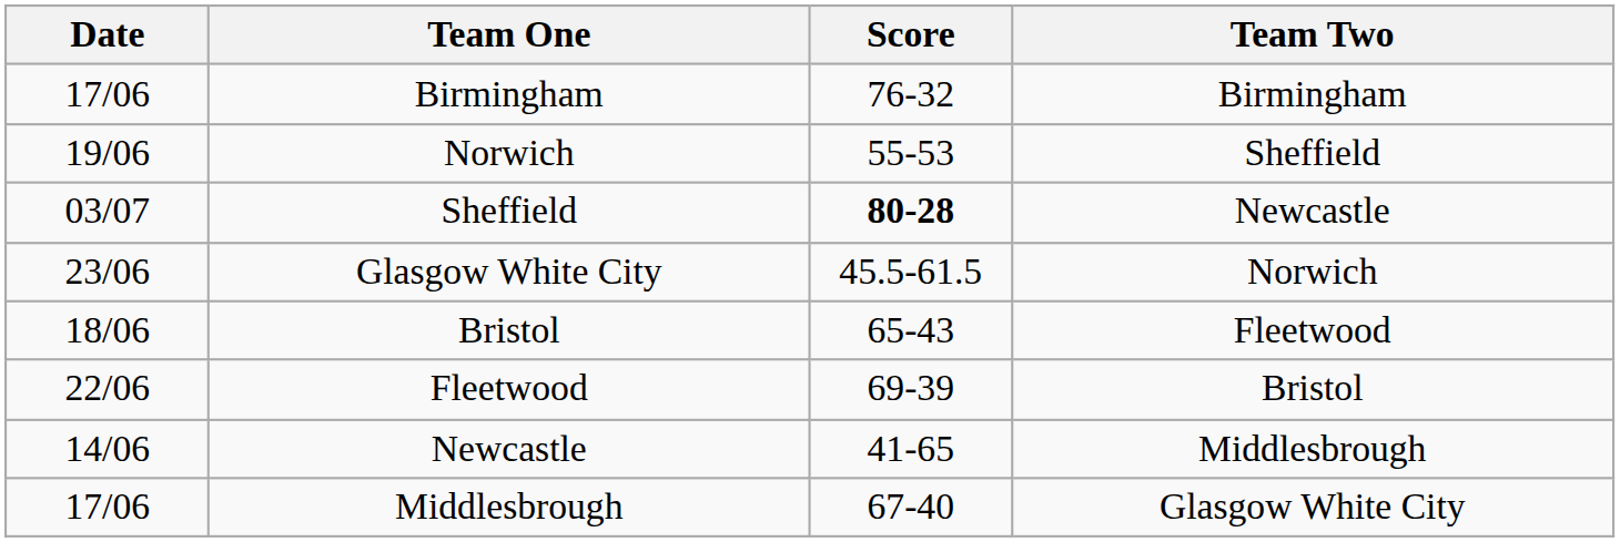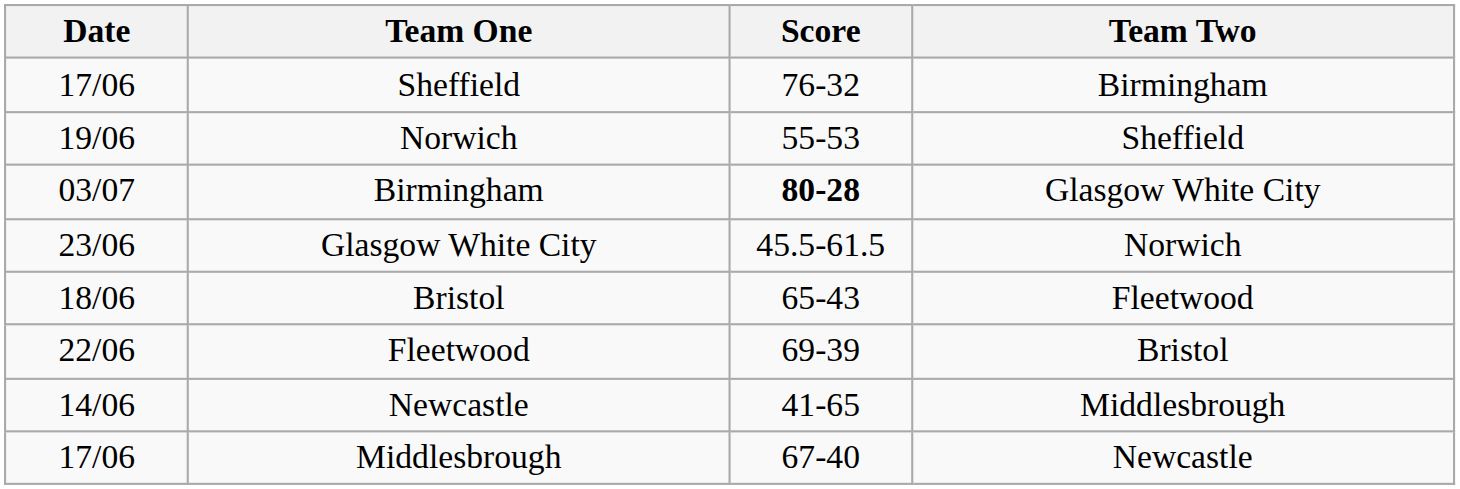 <table class="wikitable" style="text-align: center">
 <tr>
 <th width=80>Date</th>
 <th width=250>Team One</th>
 <th width=80>Score</th>
 <th width=250>Team Two</th>
 </tr>
 <tr>
 <td>17/06</td>
-<td>Birmingham</td>
+<td>Sheffield</td>
 <td>76-32</td>
 <td>Birmingham</td>
 </tr>
 <tr>
 <td>19/06</td>
 <td>Norwich</td>
 <td>55-53</td>
 <td>Sheffield</td>
 </tr>
 <tr>
 <td>03/07</td>
-<td>Sheffield</td>
+<td>Birmingham</td>
 <td><strong>80-28</strong></td>
-<td>Newcastle</td>
+<td>Glasgow White City</td>
 </tr>
 <tr>
 <td>23/06</td>
 <td>Glasgow White City</td>
 <td>45.5-61.5</td>
 <td>Norwich</td>
 </tr>
 <tr>
 <td>18/06</td>
 <td>Bristol</td>
 <td>65-43</td>
 <td>Fleetwood</td>
 </tr>
 <tr>
 <td>22/06</td>
 <td>Fleetwood</td>
 <td>69-39</td>
 <td>Bristol</td>
 </tr>
 <tr>
 <td>14/06</td>
 <td>Newcastle</td>
 <td>41-65</td>
 <td>Middlesbrough</td>
 </tr>
 <tr>
 <td>17/06</td>
 <td>Middlesbrough</td>
 <td>67-40</td>
-<td>Glasgow White City</td>
+<td>Newcastle</td>
 </tr>
 </table>
